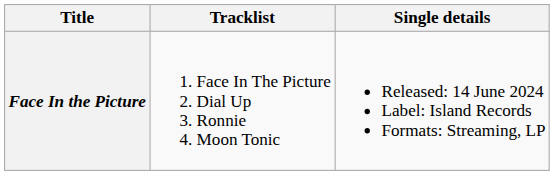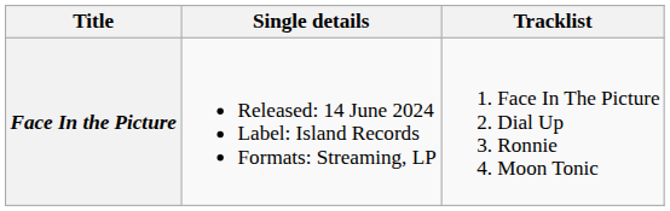 <table class="wikitable">
 <tr>
 <th>Title</th>
+<th>Single details</th>
 <th>Tracklist</th>
-<th>Single details</th>
 </tr>
 <tr>
 <th><em>Face In the Picture</em></th>
+<td><br><ul><li>Released: 14 June 2024</li><li>Label: Island Records</li><li>Formats: Streaming, LP</li></ul></td>
 <td><br><ol><li>Face In The Picture</li><li>Dial Up</li><li>Ronnie</li><li>Moon Tonic</li></ol></td>
-<td><br><ul><li>Released: 14 June 2024</li><li>Label: Island Records</li><li>Formats: Streaming, LP</li></ul></td>
 </tr>
 </table>
